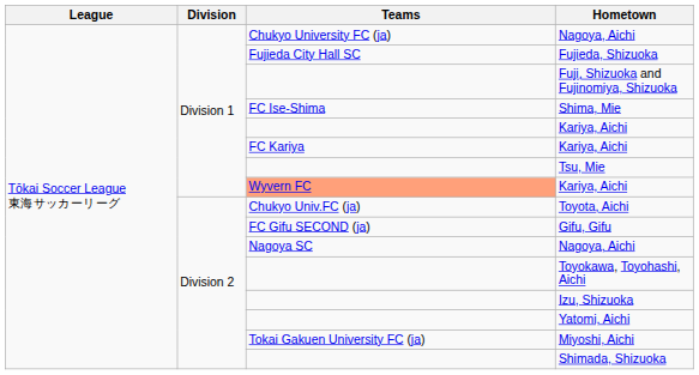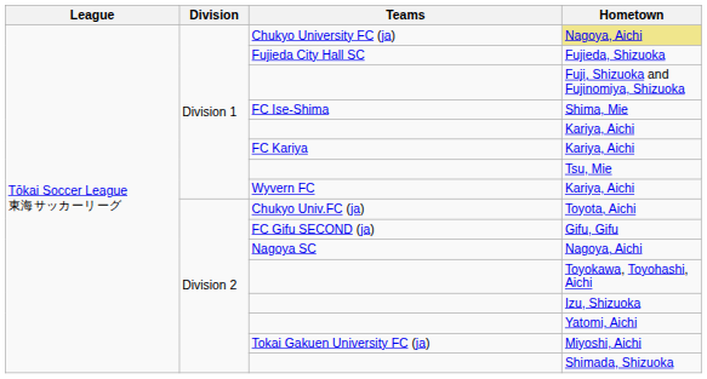 <table class="wikitable" width=100%>
 <tr>
 <th width=25%>League</th>
 <th width=10%>Division</th>
 <th width=45%>Teams</th>
 <th width=20%>Hometown</th>
 </tr>
 <tr>
 <td rowspan="16"><a href='#'>Tōkai Soccer League</a><br>東海サッカーリーグ</td>
 <td rowspan="8">Division 1</td>
 <td><a href='#'>Chukyo University FC</a> (<a href='#'>ja</a>)</td>
-<td><a href='#'>Nagoya, Aichi</a></td>
+<td style="background: khaki;"><a href='#'>Nagoya, Aichi</a></td>
 </tr>
 <tr>
 <td><a href='#'>Fujieda City Hall SC</a></td>
 <td><a href='#'>Fujieda, Shizuoka</a></td>
 </tr>
 <tr>
 <td></td>
 <td><a href='#'>Fuji, Shizuoka</a> and <a href='#'>Fujinomiya, Shizuoka</a></td>
 </tr>
 <tr>
 <td><a href='#'>FC Ise-Shima</a></td>
 <td><a href='#'>Shima, Mie</a></td>
 </tr>
 <tr>
 <td> </td>
 <td><a href='#'>Kariya, Aichi</a></td>
 </tr>
 <tr>
 <td><a href='#'>FC Kariya</a></td>
 <td><a href='#'>Kariya, Aichi</a></td>
 </tr>
 <tr>
 <td> </td>
 <td><a href='#'>Tsu, Mie</a></td>
 </tr>
 <tr>
-<td style="background: lightsalmon;"><a href='#'>Wyvern FC</a></td>
+<td><a href='#'>Wyvern FC</a></td>
 <td><a href='#'>Kariya, Aichi</a></td>
 </tr>
 <tr>
 <td rowspan="8">Division 2</td>
 <td><a href='#'>Chukyo Univ.FC</a> (<a href='#'>ja</a>)</td>
 <td><a href='#'>Toyota, Aichi</a></td>
 </tr>
 <tr>
 <td><a href='#'>FC Gifu SECOND</a> (<a href='#'>ja</a>)</td>
 <td><a href='#'>Gifu, Gifu</a></td>
 </tr>
 <tr>
 <td><a href='#'>Nagoya SC</a> </td>
 <td><a href='#'>Nagoya, Aichi</a></td>
 </tr>
 <tr>
 <td> </td>
 <td><a href='#'>Toyokawa</a>, <a href='#'>Toyohashi</a>, <a href='#'>Aichi</a></td>
 </tr>
 <tr>
 <td> </td>
 <td><a href='#'>Izu, Shizuoka</a></td>
 </tr>
 <tr>
 <td></td>
 <td><a href='#'>Yatomi, Aichi</a></td>
 </tr>
 <tr>
 <td><a href='#'>Tokai Gakuen University FC</a> (<a href='#'>ja</a>)</td>
 <td><a href='#'>Miyoshi, Aichi</a></td>
 </tr>
 <tr>
 <td> </td>
 <td><a href='#'>Shimada, Shizuoka</a></td>
 </tr>
 </table>
